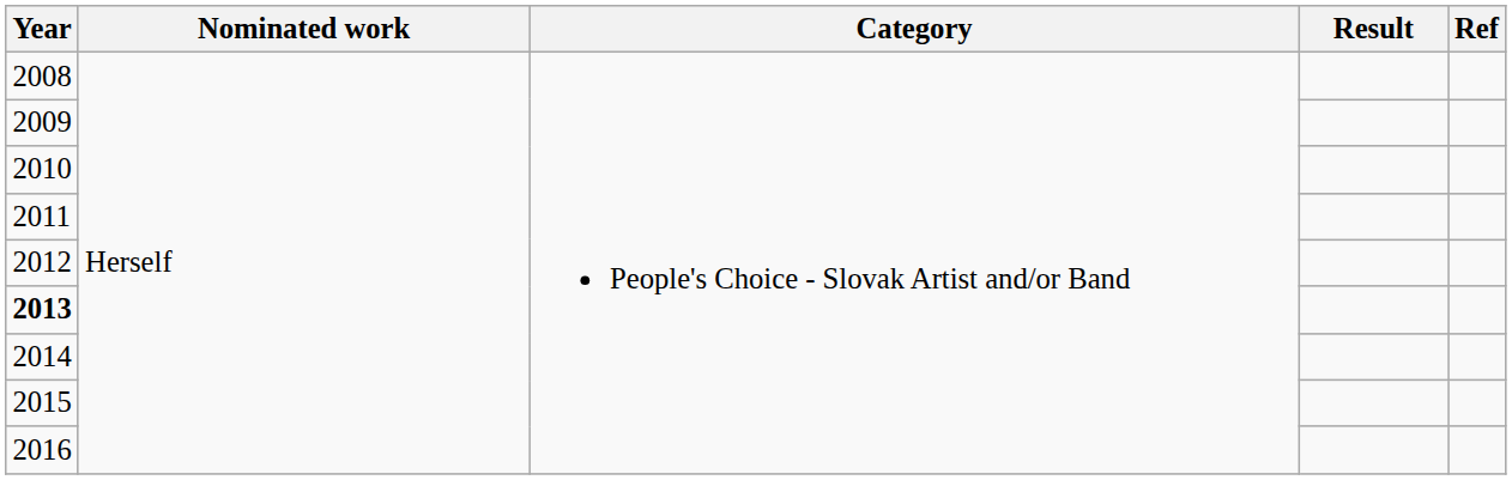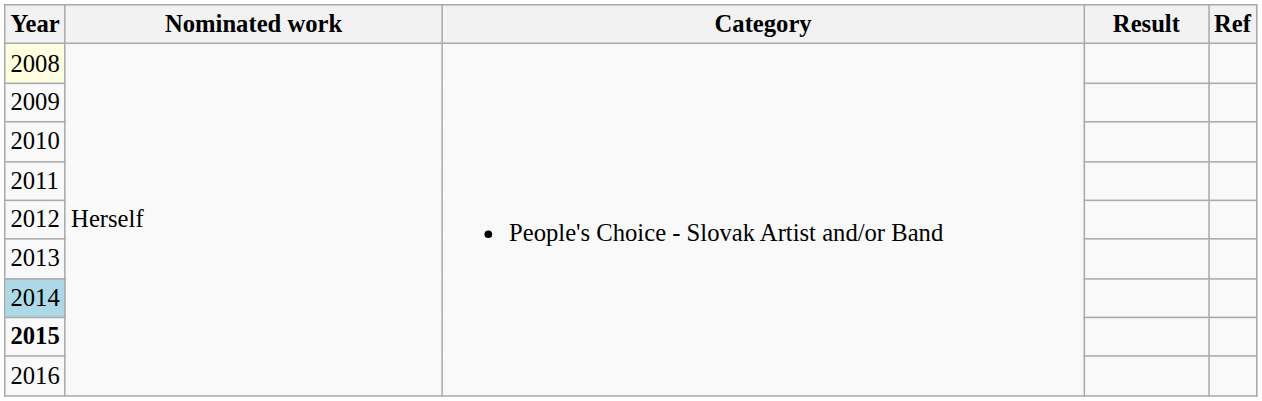 <table class="wikitable">
 <tr>
 <th style="width:10px;">Year</th>
 <th style="width:237px;">Nominated work</th>
 <th style="width:410px;">Category</th>
 <th style="width:73px;">Result</th>
 <th>Ref</th>
 </tr>
 <tr>
-<td>2008</td>
+<td style="background: lightyellow;">2008</td>
 <td rowspan=9>Herself</td>
 <td rowspan=9><br><ul><li>People's Choice - Slovak Artist and/or Band</li></ul></td>
 <td></td>
 <td align=center></td>
 </tr>
 <tr>
 <td>2009</td>
 <td></td>
 <td align=center></td>
 </tr>
 <tr>
 <td>2010</td>
 <td></td>
 <td align=center></td>
 </tr>
 <tr>
 <td>2011</td>
 <td></td>
 <td align=center></td>
 </tr>
 <tr>
 <td>2012</td>
 <td></td>
 <td align=center></td>
 </tr>
 <tr>
-<td><strong>2013</strong></td>
+<td>2013</td>
 <td></td>
 <td align=center></td>
 </tr>
 <tr>
-<td>2014</td>
+<td style="background: lightblue;">2014</td>
 <td></td>
 <td align=center></td>
 </tr>
 <tr>
-<td>2015</td>
+<td><strong>2015</strong></td>
 <td></td>
 <td align=center></td>
 </tr>
 <tr>
 <td>2016</td>
 <td></td>
 <td align=center></td>
 </tr>
 </table>
